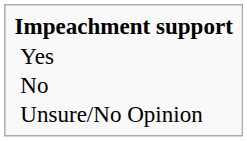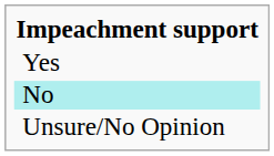 <table style="float; margin-left: 1em; margin-bottom: 0.5em" class="infobox">
 <tr>
 <td style="text-align: center"><span><strong>Impeachment support</strong></span></td>
 </tr>
 <tr>
 <td style="padding: 0 5px;"> Yes</td>
 </tr>
 <tr>
-<td style="padding: 0 5px;"> No</td>
+<td style="background: paleturquoise; padding: 0 5px;"> No</td>
 </tr>
 <tr>
 <td style="padding: 0 5px;"> Unsure/No Opinion</td>
 </tr>
 </table>
